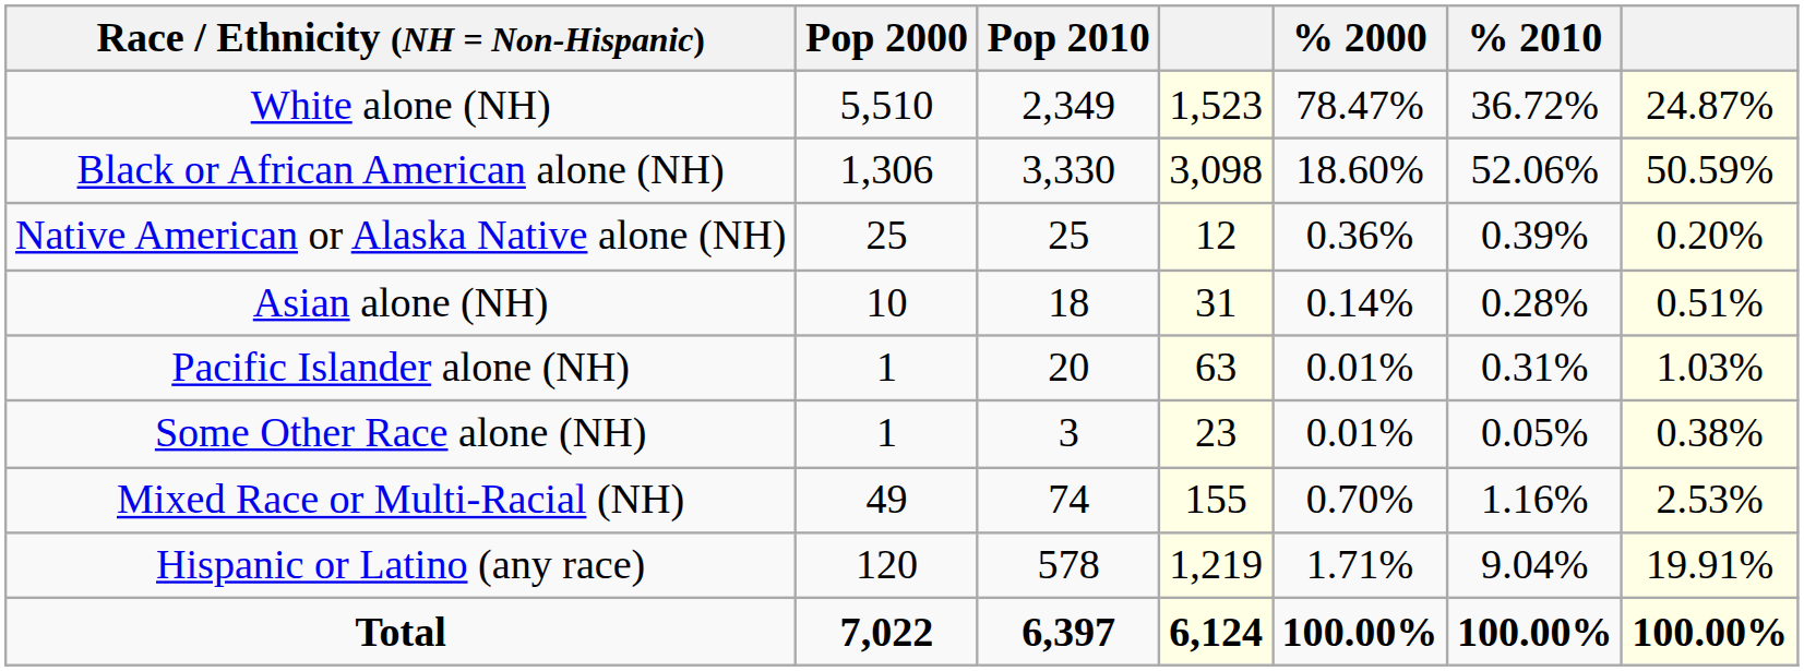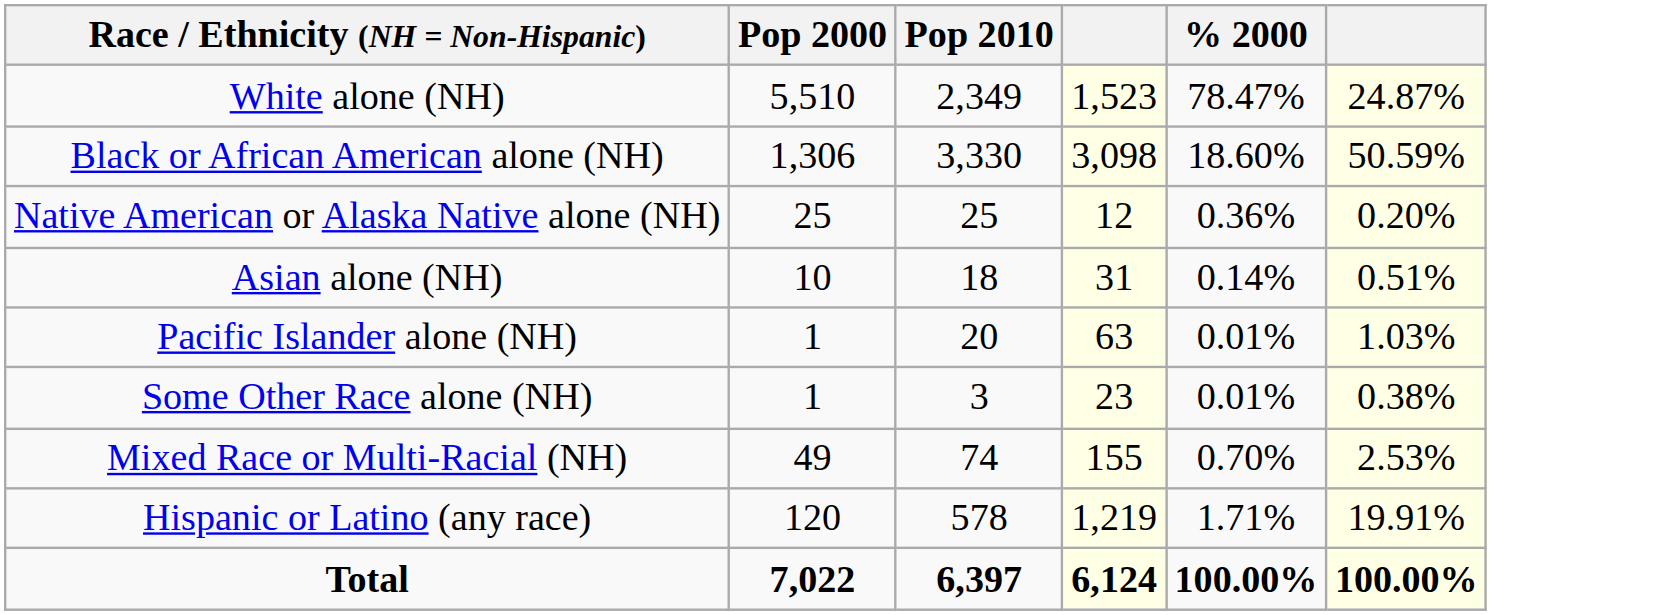 <table class="wikitable"  style="text-align:center;">
 <tr>
 <th>Race / Ethnicity <small>(<em>NH = Non-Hispanic</em>)</small></th>
 <th>Pop 2000</th>
 <th>Pop 2010</th>
 <th></th>
 <th>% 2000</th>
-<th>% 2010</th>
 <th></th>
 </tr>
 <tr>
 <td><a href='#'>White</a> alone (NH)</td>
 <td>5,510</td>
 <td>2,349</td>
 <td style='background: #ffffe6;'>1,523</td>
 <td>78.47%</td>
-<td>36.72%</td>
 <td style='background: #ffffe6;'>24.87%</td>
 </tr>
 <tr>
 <td><a href='#'>Black or African American</a> alone (NH)</td>
 <td>1,306</td>
 <td>3,330</td>
 <td style='background: #ffffe6;'>3,098</td>
 <td>18.60%</td>
-<td>52.06%</td>
 <td style='background: #ffffe6;'>50.59%</td>
 </tr>
 <tr>
 <td><a href='#'>Native American</a> or <a href='#'>Alaska Native</a> alone (NH)</td>
 <td>25</td>
 <td>25</td>
 <td style='background: #ffffe6;'>12</td>
 <td>0.36%</td>
-<td>0.39%</td>
 <td style='background: #ffffe6;'>0.20%</td>
 </tr>
 <tr>
 <td><a href='#'>Asian</a> alone (NH)</td>
 <td>10</td>
 <td>18</td>
 <td style='background: #ffffe6;'>31</td>
 <td>0.14%</td>
-<td>0.28%</td>
 <td style='background: #ffffe6;'>0.51%</td>
 </tr>
 <tr>
 <td><a href='#'>Pacific Islander</a> alone (NH)</td>
 <td>1</td>
 <td>20</td>
 <td style='background: #ffffe6;'>63</td>
 <td>0.01%</td>
-<td>0.31%</td>
 <td style='background: #ffffe6;'>1.03%</td>
 </tr>
 <tr>
 <td><a href='#'>Some Other Race</a> alone (NH)</td>
 <td>1</td>
 <td>3</td>
 <td style='background: #ffffe6;'>23</td>
 <td>0.01%</td>
-<td>0.05%</td>
 <td style='background: #ffffe6;'>0.38%</td>
 </tr>
 <tr>
 <td><a href='#'>Mixed Race or Multi-Racial</a> (NH)</td>
 <td>49</td>
 <td>74</td>
 <td style='background: #ffffe6;'>155</td>
 <td>0.70%</td>
-<td>1.16%</td>
 <td style='background: #ffffe6;'>2.53%</td>
 </tr>
 <tr>
 <td><a href='#'>Hispanic or Latino</a> (any race)</td>
 <td>120</td>
 <td>578</td>
 <td style='background: #ffffe6;'>1,219</td>
 <td>1.71%</td>
-<td>9.04%</td>
 <td style='background: #ffffe6;'>19.91%</td>
 </tr>
 <tr>
 <td><strong>Total</strong></td>
 <td><strong>7,022</strong></td>
 <td><strong>6,397</strong></td>
 <td style='background: #ffffe6;'><strong>6,124</strong></td>
 <td><strong>100.00%</strong></td>
-<td><strong>100.00%</strong></td>
 <td style='background: #ffffe6;'><strong>100.00%</strong></td>
 </tr>
 </table>
